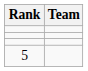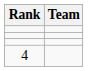 <table class=wikitable style="text-align:center;">
 <tr>
 <th width=40>Rank</th>
 <th>Team</th>
 </tr>
 <tr>
 <td></td>
 <td align=left></td>
 </tr>
 <tr>
 <td></td>
 <td align=left></td>
 </tr>
 <tr>
 <td></td>
 <td align=left></td>
 </tr>
 <tr>
-<td>5</td>
+<td>4</td>
 <td align=left></td>
 </tr>
 </table>
